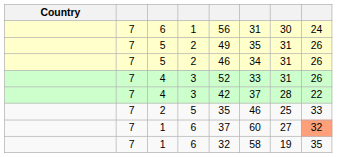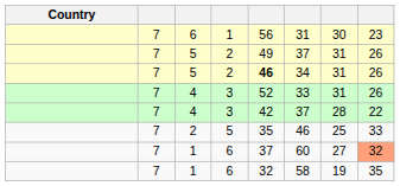 <table class="wikitable" style="text-align:center;">
 <tr>
 <th width=165>Country</th>
 <th width=40></th>
 <th width=40></th>
 <th width=40></th>
 <th width=40></th>
 <th width=40></th>
 <th width=40></th>
 <th width=40></th>
 </tr>
 <tr style="background:#ffffcc;">
 <td align=left></td>
 <td>7</td>
 <td>6</td>
 <td>1</td>
 <td>56</td>
 <td>31</td>
 <td>30</td>
-<td>24</td>
+<td>23</td>
 </tr>
 <tr style="background:#ffffcc;">
 <td align=left></td>
 <td>7</td>
 <td>5</td>
 <td>2</td>
 <td>49</td>
-<td>35</td>
+<td>37</td>
 <td>31</td>
 <td>26</td>
 </tr>
 <tr style="background:#ffffcc;">
 <td align=left></td>
 <td>7</td>
 <td>5</td>
 <td>2</td>
-<td>46</td>
+<td><strong>46</strong></td>
 <td>34</td>
 <td>31</td>
 <td>26</td>
 </tr>
 <tr style="background:#ccffcc;">
 <td align=left></td>
 <td>7</td>
 <td>4</td>
 <td>3</td>
 <td>52</td>
 <td>33</td>
 <td>31</td>
 <td>26</td>
 </tr>
 <tr style="background:#ccffcc;">
 <td align=left></td>
 <td>7</td>
 <td>4</td>
 <td>3</td>
 <td>42</td>
 <td>37</td>
 <td>28</td>
 <td>22</td>
 </tr>
 <tr>
 <td align=left></td>
 <td>7</td>
 <td>2</td>
 <td>5</td>
 <td>35</td>
 <td>46</td>
 <td>25</td>
 <td>33</td>
 </tr>
 <tr>
 <td align=left></td>
 <td>7</td>
 <td>1</td>
 <td>6</td>
 <td>37</td>
 <td>60</td>
 <td>27</td>
 <td style="background: lightsalmon;">32</td>
 </tr>
 <tr>
 <td align=left></td>
 <td>7</td>
 <td>1</td>
 <td>6</td>
 <td>32</td>
 <td>58</td>
 <td>19</td>
 <td>35</td>
 </tr>
 </table>
